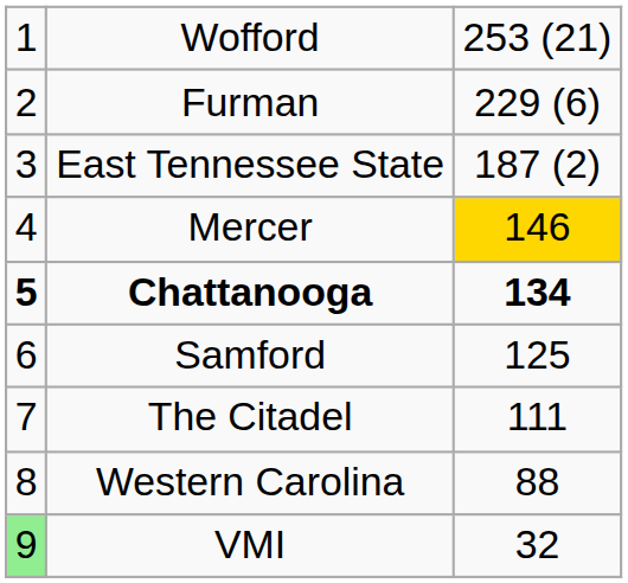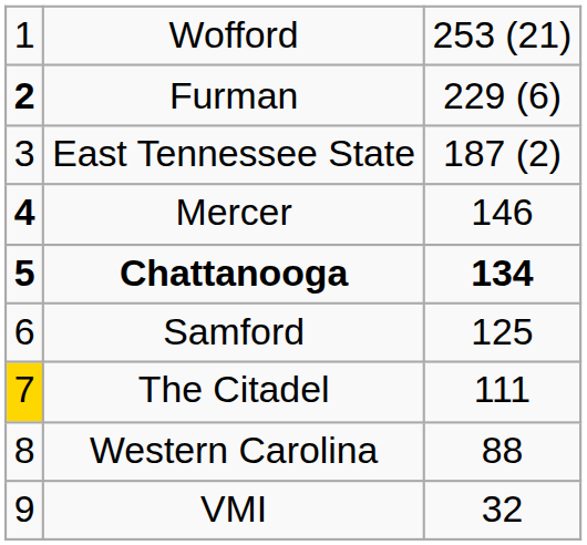 <table class="wikitable" style="display: inline-table;">
 <tr align="center">
 <td>1</td>
 <td>Wofford</td>
 <td>253 (21)</td>
 </tr>
 <tr align="center">
-<td>2</td>
+<td><strong>2</strong></td>
 <td>Furman</td>
 <td>229 (6)</td>
 </tr>
 <tr align="center">
 <td>3</td>
 <td>East Tennessee State</td>
 <td>187 (2)</td>
 </tr>
 <tr align="center">
-<td>4</td>
+<td><strong>4</strong></td>
 <td>Mercer</td>
-<td style="background: gold;">146</td>
+<td>146</td>
 </tr>
 <tr align="center">
 <td><strong>5</strong></td>
 <td><strong>Chattanooga</strong></td>
 <td><strong>134</strong></td>
 </tr>
 <tr align="center">
 <td>6</td>
 <td>Samford</td>
 <td>125</td>
 </tr>
 <tr align="center">
-<td>7</td>
+<td style="background: gold;">7</td>
 <td>The Citadel</td>
 <td>111</td>
 </tr>
 <tr align="center">
 <td>8</td>
 <td>Western Carolina</td>
 <td>88</td>
 </tr>
 <tr align="center">
-<td style="background: lightgreen;">9</td>
+<td>9</td>
 <td>VMI</td>
 <td>32</td>
 </tr>
 </table>
